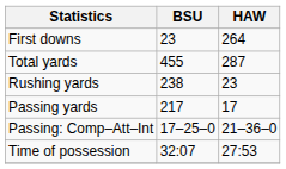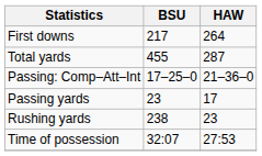 <table class="wikitable" style="float: left;">
 <tr>
 <th>Statistics</th>
 <th>BSU</th>
 <th>HAW</th>
 </tr>
 <tr>
 <td>First downs</td>
-<td>23</td>
+<td>217</td>
 <td>264</td>
 </tr>
 <tr>
 <td>Total yards</td>
 <td>455</td>
 <td>287</td>
 </tr>
 <tr>
+<td>Passing: Comp–Att–Int</td>
+<td>17–25–0</td>
+<td>21–36–0</td>
+</tr>
+<tr>
+<td>Passing yards</td>
+<td>23</td>
+<td>17</td>
+</tr>
+<tr>
 <td>Rushing yards</td>
 <td>238</td>
 <td>23</td>
-</tr>
-<tr>
-<td>Passing yards</td>
-<td>217</td>
-<td>17</td>
-</tr>
-<tr>
-<td>Passing: Comp–Att–Int</td>
-<td>17–25–0</td>
-<td>21–36–0</td>
 </tr>
 <tr>
 <td>Time of possession</td>
 <td>32:07</td>
 <td>27:53</td>
 </tr>
 <tr>
 </tr>
 </table>
